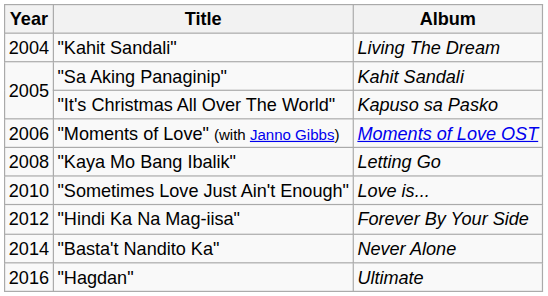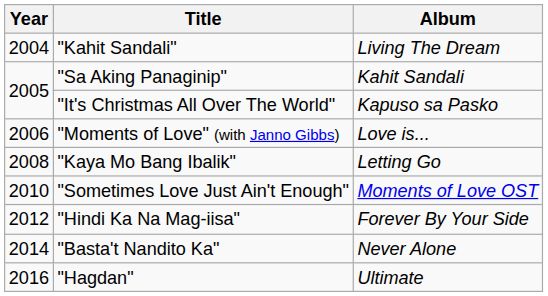 <table class="wikitable" style="font-size: 95%;">
 <tr>
 <th>Year</th>
 <th>Title</th>
 <th>Album</th>
 </tr>
 <tr>
 <td>2004</td>
 <td>"Kahit Sandali"</td>
 <td><em>Living The Dream</em></td>
 </tr>
 <tr>
 <td rowspan="2">2005</td>
 <td>"Sa Aking Panaginip"</td>
 <td><em>Kahit Sandali</em></td>
 </tr>
 <tr>
 <td>"It's Christmas All Over The World"</td>
 <td><em>Kapuso sa Pasko</em></td>
 </tr>
 <tr>
 <td>2006</td>
 <td>"Moments of Love" <small>(with <a href='#'>Janno Gibbs</a>)</small></td>
-<td><em><a href='#'>Moments of Love OST</a></em></td>
+<td><em>Love is...</em></td>
 </tr>
 <tr>
 <td>2008</td>
 <td>"Kaya Mo Bang Ibalik"</td>
 <td><em>Letting Go</em></td>
 </tr>
 <tr>
 <td>2010</td>
 <td>"Sometimes Love Just Ain't Enough"</td>
-<td><em>Love is...</em></td>
+<td><em><a href='#'>Moments of Love OST</a></em></td>
 </tr>
 <tr>
 <td>2012</td>
 <td>"Hindi Ka Na Mag-iisa"</td>
 <td><em>Forever By Your Side</em></td>
 </tr>
 <tr>
 <td>2014</td>
 <td>"Basta't Nandito Ka"</td>
 <td><em>Never Alone</em></td>
 </tr>
 <tr>
 <td>2016</td>
 <td>"Hagdan"</td>
 <td><em>Ultimate</em></td>
 </tr>
 </table>
